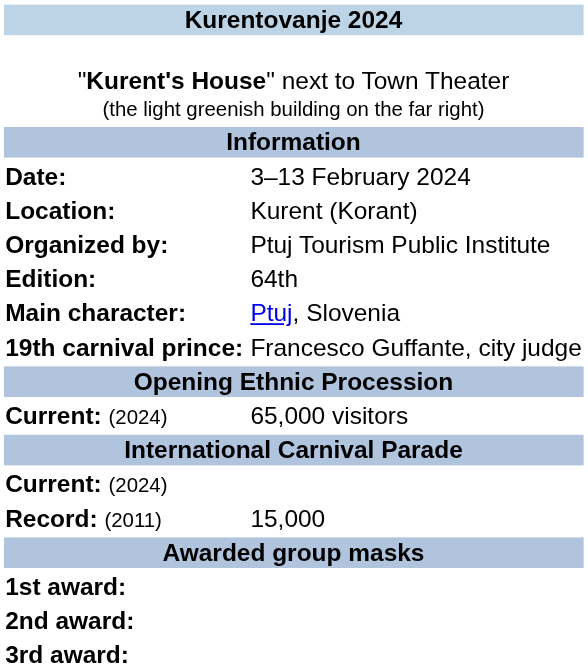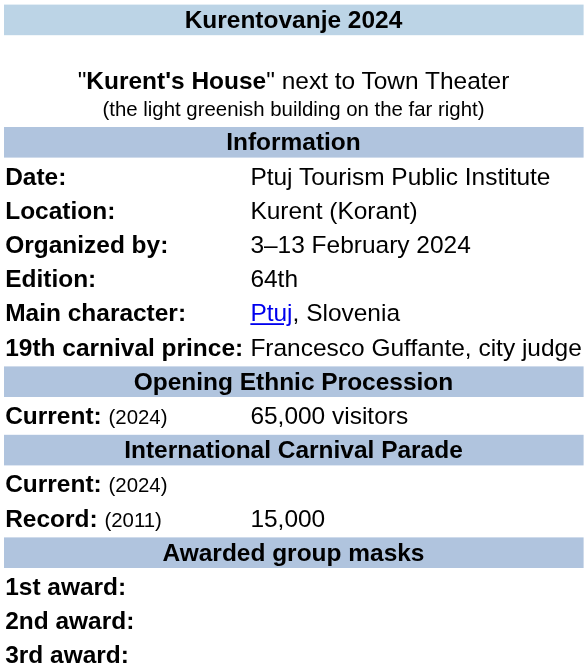 <table border=0 class="toccolours float-right" align="right" style="margin:0 0 0.5em 1em; font-size: 85%;">
 <tr>
 <th bgcolor=#BCD4E6 colspan=2 align="center">Kurentovanje 2024</th>
 </tr>
 <tr>
 <td align="center" colspan=2><br>"<strong>Kurent's House</strong>" next to Town Theater<br><small>(the light greenish building on the far right)</small></td>
 </tr>
 <tr>
 <th bgcolor=#b0c4de colspan=2 align="center">Information</th>
 </tr>
 <tr>
 <td><strong>Date:</strong></td>
-<td>3–13 February 2024</td>
+<td>Ptuj Tourism Public Institute</td>
 </tr>
 <tr>
 <td><strong>Location:</strong></td>
 <td>Kurent (Korant)</td>
 </tr>
 <tr>
 <td><strong>Organized by:</strong></td>
-<td>Ptuj Tourism Public Institute</td>
+<td>3–13 February 2024</td>
 </tr>
 <tr>
 <td><strong>Edition:</strong></td>
 <td>64th</td>
 </tr>
 <tr>
 <td><strong>Main character:</strong></td>
 <td><a href='#'>Ptuj</a>, Slovenia</td>
 </tr>
 <tr>
 <td><strong>19th carnival prince:</strong></td>
 <td>Francesco Guffante, city judge</td>
 </tr>
 <tr>
 <th bgcolor=#b0c4de colspan=2 align="center">Opening Ethnic Procession</th>
 </tr>
 <tr>
 <td><strong>Current:</strong> <small>(2024)</small></td>
 <td>65,000 visitors</td>
 </tr>
 <tr>
 <th bgcolor=#b0c4de colspan=2 align="center">International Carnival Parade</th>
 </tr>
 <tr>
 <td><strong>Current:</strong> <small>(2024)</small></td>
 <td></td>
 </tr>
 <tr>
 <td><strong>Record:</strong> <small>(2011)</small></td>
 <td>15,000</td>
 </tr>
 <tr>
 <th colspan="2" bgcolor="#b0c4de" align="center">Awarded group masks</th>
 </tr>
 <tr>
 <td><strong>1st award:</strong></td>
 <td></td>
 </tr>
 <tr>
 <td><strong>2nd award:</strong></td>
 <td></td>
 </tr>
 <tr>
 <td><strong>3rd award:</strong></td>
 <td></td>
 </tr>
 </table>
